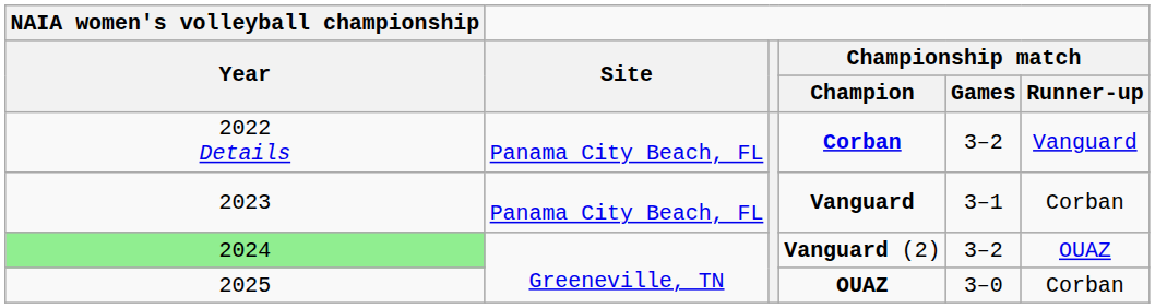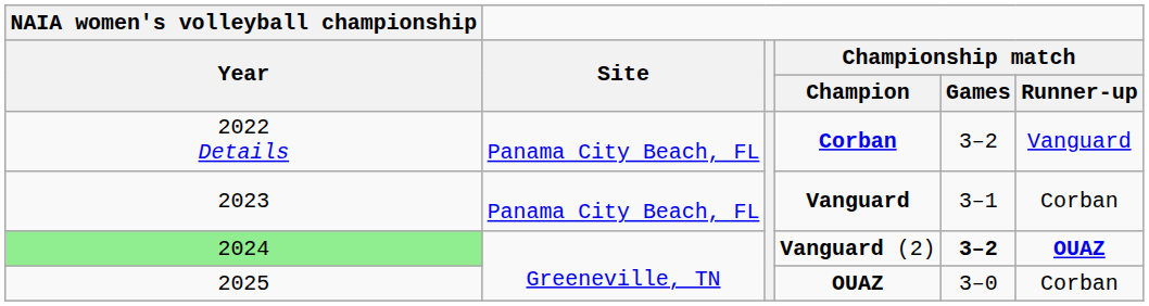 <table class="wikitable" style="text-align:center">
 <tr>
 <th style=>NAIA women's volleyball championship</th>
 </tr>
 <tr>
 <th rowspan=2>Year</th>
 <th rowspan=2>Site</th>
 <th rowspan=2></th>
 <th colspan=3>Championship match</th>
 </tr>
 <tr>
 <th>Champion</th>
 <th>Games</th>
 <th>Runner-up</th>
 </tr>
 <tr>
 <td>2022 <br> <em><a href='#'>Details</a></em></td>
 <td><br><a href='#'>Panama City Beach, FL</a></td>
 <th rowspan=4></th>
 <td><strong><a href='#'>Corban</a></strong></td>
 <td>3–2</td>
 <td><a href='#'>Vanguard</a></td>
 </tr>
 <tr>
 <td>2023</td>
 <td><br><a href='#'>Panama City Beach, FL</a></td>
 <td><strong>Vanguard</strong></td>
 <td>3–1</td>
 <td>Corban</td>
 </tr>
 <tr>
 <td style="background: lightgreen;">2024</td>
 <td rowspan=2><br><a href='#'>Greeneville, TN</a></td>
 <td><strong>Vanguard</strong> (2)</td>
-<td>3–2</td>
-<td><a href='#'>OUAZ</a></td>
+<td><strong>3–2</strong></td>
+<td><strong><a href='#'>OUAZ</a></strong></td>
 </tr>
 <tr>
 <td>2025</td>
 <td><strong>OUAZ</strong></td>
 <td>3–0</td>
 <td>Corban</td>
 </tr>
 </table>
